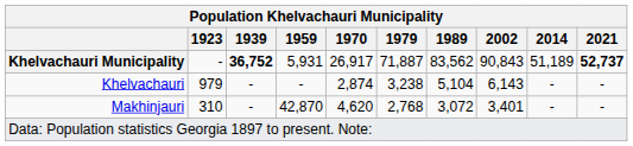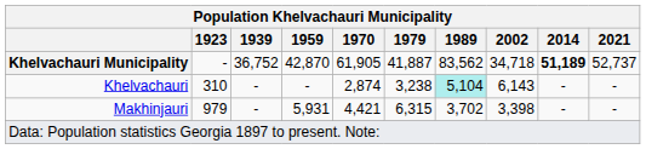 <table class="wikitable" style="text-align:right">
 <tr>
 <th colspan=19>Population Khelvachauri Municipality</th>
 </tr>
 <tr>
 <th></th>
 <th>1923</th>
 <th>1939</th>
 <th>1959</th>
 <th>1970</th>
 <th>1979</th>
 <th>1989</th>
 <th>2002</th>
 <th>2014</th>
 <th>2021</th>
 </tr>
 <tr>
 <th>Khelvachauri Municipality</th>
 <td>-</td>
-<td><strong>36,752</strong></td>
-<td>5,931</td>
-<td> 26,917</td>
-<td> 71,887</td>
+<td>36,752</td>
+<td>42,870</td>
+<td> 61,905</td>
+<td> 41,887</td>
 <td> 83,562</td>
-<td> 90,843</td>
-<td> 51,189</td>
-<td><strong> 52,737</strong></td>
+<td> 34,718</td>
+<td><strong> 51,189</strong></td>
+<td> 52,737</td>
 </tr>
 <tr>
 <td><a href='#'>Khelvachauri</a></td>
-<td>979</td>
+<td>310</td>
 <td align=center>-</td>
 <td align=center>-</td>
 <td>2,874</td>
 <td> 3,238</td>
-<td> 5,104</td>
+<td style="background: paleturquoise;"> 5,104</td>
 <td> 6,143</td>
 <td align=center>-</td>
 <td align=center>-</td>
 </tr>
 <tr>
 <td><a href='#'>Makhinjauri</a></td>
-<td>310</td>
+<td>979</td>
 <td align=center>-</td>
-<td>42,870</td>
-<td> 4,620</td>
-<td> 2,768</td>
-<td> 3,072</td>
-<td> 3,401</td>
+<td>5,931</td>
+<td> 4,421</td>
+<td> 6,315</td>
+<td> 3,702</td>
+<td> 3,398</td>
 <td align=center>-</td>
 <td align=center>-</td>
 </tr>
 <tr>
 <td colspan=15 class="wikitable" style="align:left;text-align:left;background-color:#eaecf0">Data: Population statistics Georgia 1897 to present. Note:</td>
 </tr>
 </table>
